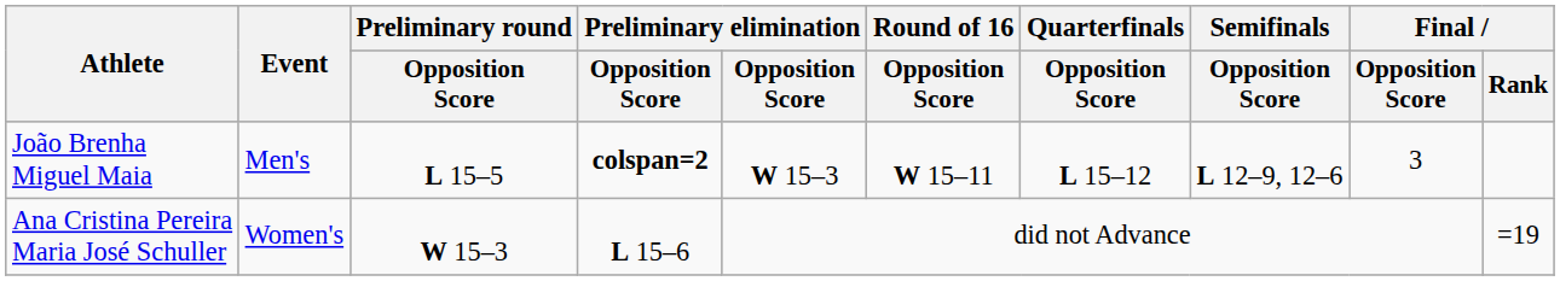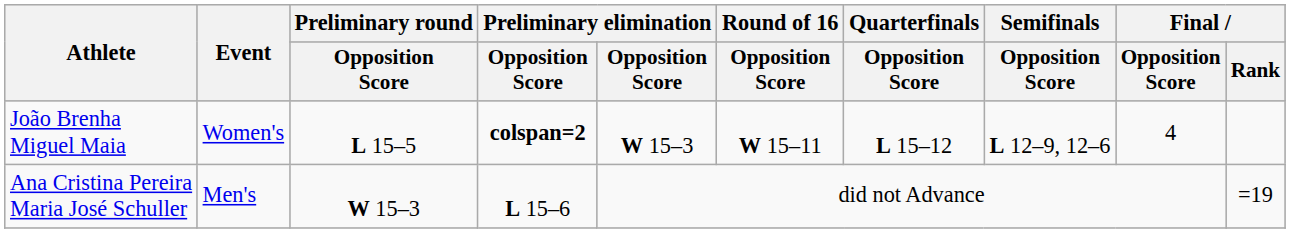 <table class=wikitable style=font-size:90%;text-align:center>
 <tr>
 <th rowspan=2>Athlete</th>
 <th rowspan=2>Event</th>
 <th>Preliminary round</th>
 <th colspan=2>Preliminary elimination</th>
 <th>Round of 16</th>
 <th>Quarterfinals</th>
 <th>Semifinals</th>
 <th colspan=2>Final / </th>
 </tr>
 <tr style=font-size:95%>
 <th>Opposition<br>Score</th>
 <th>Opposition<br>Score</th>
 <th>Opposition<br>Score</th>
 <th>Opposition<br>Score</th>
 <th>Opposition<br>Score</th>
 <th>Opposition<br>Score</th>
 <th>Opposition<br>Score</th>
 <th>Rank</th>
 </tr>
 <tr>
 <td align=left><a href='#'>João Brenha</a><br><a href='#'>Miguel Maia</a></td>
-<td align=left><a href='#'>Men's</a></td>
+<td align=left><a href='#'>Women's</a></td>
 <td><br><strong>L</strong> 15–5</td>
 <td><strong>colspan=2</strong></td>
 <td><br><strong>W</strong> 15–3</td>
 <td><br><strong>W</strong> 15–11</td>
 <td><br><strong>L</strong> 15–12</td>
 <td><br><strong>L</strong> 12–9, 12–6</td>
-<td>3</td>
+<td>4</td>
 </tr>
 <tr>
 <td align=left><a href='#'>Ana Cristina Pereira</a><br><a href='#'>Maria José Schuller</a></td>
-<td align=left><a href='#'>Women's</a></td>
+<td align=left><a href='#'>Men's</a></td>
 <td><br><strong>W</strong> 15–3</td>
 <td><br><strong>L</strong> 15–6</td>
 <td colspan=5>did not Advance</td>
 <td>=19</td>
 </tr>
 </table>
